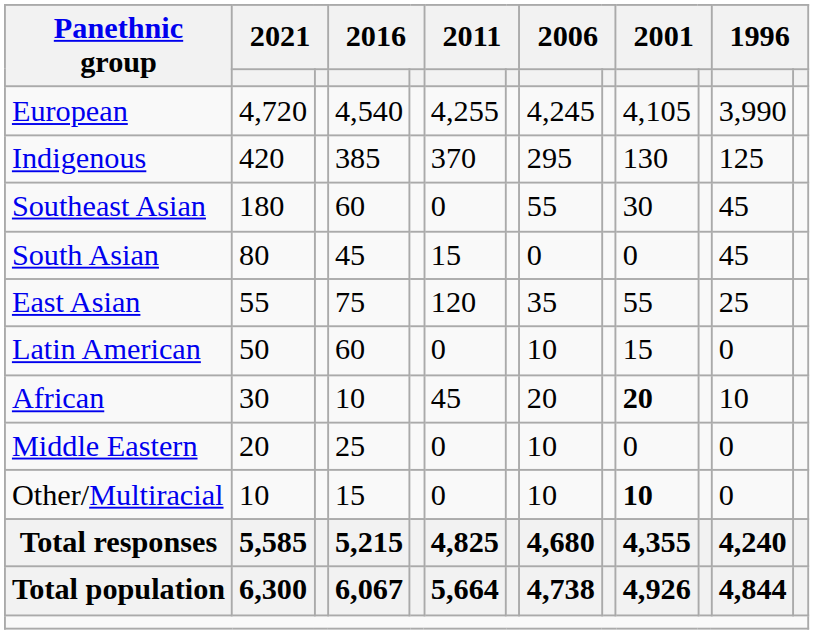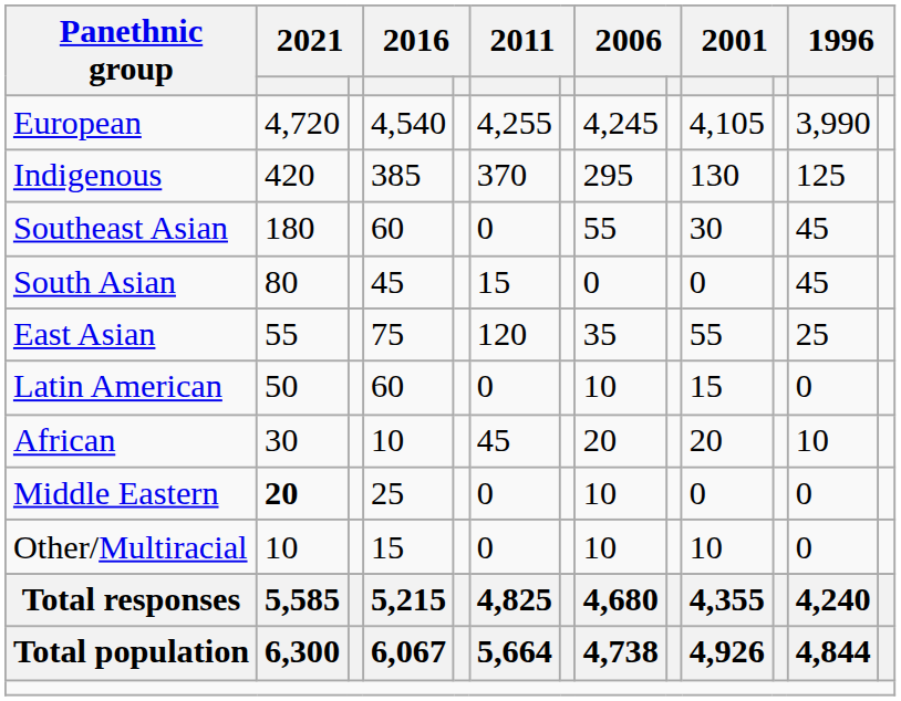 <table class="wikitable collapsible sortable">
 <tr>
 <th rowspan="2"><a href='#'>Panethnic</a><br>group</th>
 <th colspan="2">2021</th>
 <th colspan="2">2016</th>
 <th colspan="2">2011</th>
 <th colspan="2">2006</th>
 <th colspan="2">2001</th>
 <th colspan="2">1996</th>
 </tr>
 <tr>
 <th><a href='#'></a></th>
 <th></th>
 <th></th>
 <th></th>
 <th></th>
 <th></th>
 <th></th>
 <th></th>
 <th></th>
 <th></th>
 <th></th>
 <th></th>
 </tr>
 <tr>
 <td><a href='#'>European</a></td>
 <td>4,720</td>
 <td></td>
 <td>4,540</td>
 <td></td>
 <td>4,255</td>
 <td></td>
 <td>4,245</td>
 <td></td>
 <td>4,105</td>
 <td></td>
 <td>3,990</td>
 <td></td>
 </tr>
 <tr>
 <td><a href='#'>Indigenous</a></td>
 <td>420</td>
 <td></td>
 <td>385</td>
 <td></td>
 <td>370</td>
 <td></td>
 <td>295</td>
 <td></td>
 <td>130</td>
 <td></td>
 <td>125</td>
 <td></td>
 </tr>
 <tr>
 <td><a href='#'>Southeast Asian</a></td>
 <td>180</td>
 <td></td>
 <td>60</td>
 <td></td>
 <td>0</td>
 <td></td>
 <td>55</td>
 <td></td>
 <td>30</td>
 <td></td>
 <td>45</td>
 <td></td>
 </tr>
 <tr>
 <td><a href='#'>South Asian</a></td>
 <td>80</td>
 <td></td>
 <td>45</td>
 <td></td>
 <td>15</td>
 <td></td>
 <td>0</td>
 <td></td>
 <td>0</td>
 <td></td>
 <td>45</td>
 <td></td>
 </tr>
 <tr>
 <td><a href='#'>East Asian</a></td>
 <td>55</td>
 <td></td>
 <td>75</td>
 <td></td>
 <td>120</td>
 <td></td>
 <td>35</td>
 <td></td>
 <td>55</td>
 <td></td>
 <td>25</td>
 <td></td>
 </tr>
 <tr>
 <td><a href='#'>Latin American</a></td>
 <td>50</td>
 <td></td>
 <td>60</td>
 <td></td>
 <td>0</td>
 <td></td>
 <td>10</td>
 <td></td>
 <td>15</td>
 <td></td>
 <td>0</td>
 <td></td>
 </tr>
 <tr>
 <td><a href='#'>African</a></td>
 <td>30</td>
 <td></td>
 <td>10</td>
 <td></td>
 <td>45</td>
 <td></td>
 <td>20</td>
 <td></td>
-<td><strong>20</strong></td>
+<td>20</td>
 <td></td>
 <td>10</td>
 <td></td>
 </tr>
 <tr>
 <td><a href='#'>Middle Eastern</a></td>
-<td>20</td>
+<td><strong>20</strong></td>
 <td></td>
 <td>25</td>
 <td></td>
 <td>0</td>
 <td></td>
 <td>10</td>
 <td></td>
 <td>0</td>
 <td></td>
 <td>0</td>
 <td></td>
 </tr>
 <tr>
 <td>Other/<a href='#'>Multiracial</a></td>
 <td>10</td>
 <td></td>
 <td>15</td>
 <td></td>
 <td>0</td>
 <td></td>
 <td>10</td>
 <td></td>
-<td><strong>10</strong></td>
+<td>10</td>
 <td></td>
 <td>0</td>
 <td></td>
 </tr>
 <tr>
 <th>Total responses</th>
 <th>5,585</th>
 <th></th>
 <th>5,215</th>
 <th></th>
 <th>4,825</th>
 <th></th>
 <th>4,680</th>
 <th></th>
 <th>4,355</th>
 <th></th>
 <th>4,240</th>
 <th></th>
 </tr>
 <tr>
 <th>Total population</th>
 <th>6,300</th>
 <th></th>
 <th>6,067</th>
 <th></th>
 <th>5,664</th>
 <th></th>
 <th>4,738</th>
 <th></th>
 <th>4,926</th>
 <th></th>
 <th>4,844</th>
 <th></th>
 </tr>
 <tr class="sortbottom">
 <td colspan="15"></td>
 </tr>
 </table>
